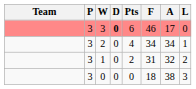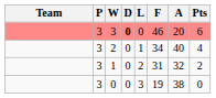 <table class="wikitable" style="text-align:center;">
 <tr>
 <th width="120px">Team</th>
 <th>P</th>
 <th>W</th>
 <th>D</th>
-<th width="23px">Pts</th>
+<th>L</th>
 <th width="23px">F</th>
 <th width="23px">A</th>
-<th>L</th>
+<th width="23px">Pts</th>
 </tr>
 <tr bgcolor="#FF8888">
 <td></td>
 <td>3</td>
 <td>3</td>
 <td><strong>0</strong></td>
+<td>0</td>
+<td>46</td>
+<td>20</td>
 <td>6</td>
-<td>46</td>
-<td>17</td>
-<td>0</td>
 </tr>
 <tr>
 <td></td>
 <td>3</td>
 <td>2</td>
 <td>0</td>
+<td>1</td>
+<td>34</td>
+<td>40</td>
 <td>4</td>
-<td>34</td>
-<td>34</td>
-<td>1</td>
 </tr>
 <tr>
 <td></td>
 <td>3</td>
 <td>1</td>
 <td>0</td>
 <td>2</td>
 <td>31</td>
 <td>32</td>
 <td>2</td>
 </tr>
 <tr>
 <td></td>
 <td>3</td>
 <td>0</td>
 <td>0</td>
+<td>3</td>
+<td>19</td>
+<td>38</td>
 <td>0</td>
-<td>18</td>
-<td>38</td>
-<td>3</td>
 </tr>
 </table>
